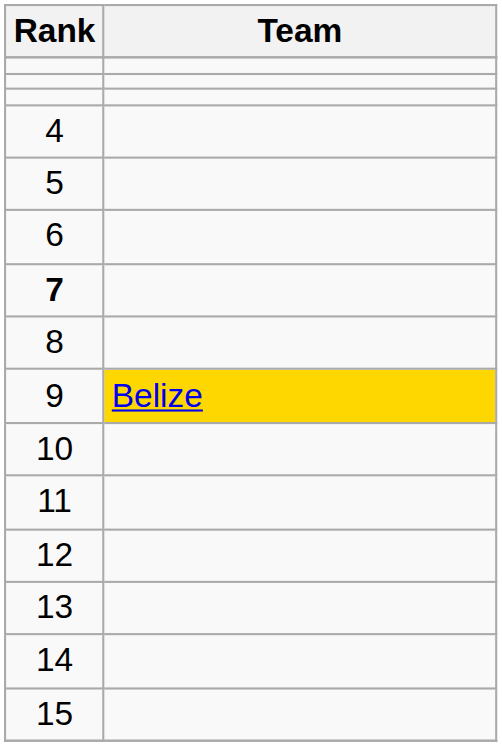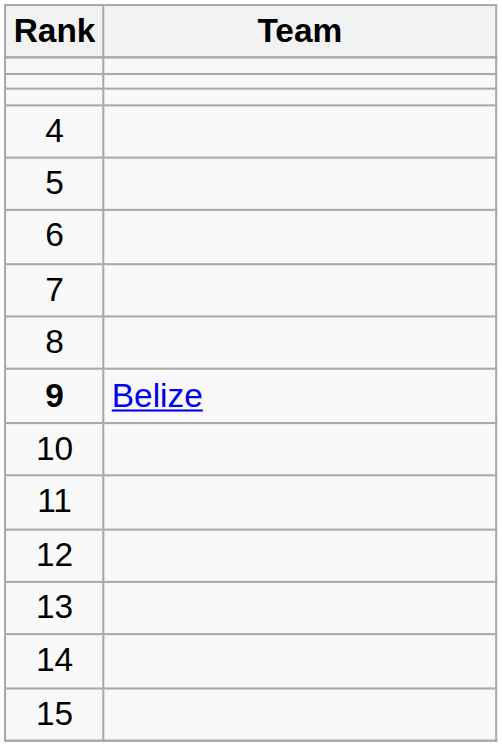 <table class="wikitable" style="text-align:center;">
 <tr>
 <th width=40>Rank</th>
 <th width=180>Team</th>
 </tr>
 <tr>
 </tr>
 <tr>
 <td></td>
 <td style="text-align:left;"></td>
 </tr>
 <tr>
 <td></td>
 <td style="text-align:left;"></td>
 </tr>
 <tr>
 <td></td>
 <td style="text-align:left;"></td>
 </tr>
 <tr>
 <td>4</td>
 <td style="text-align:left;"></td>
 </tr>
 <tr>
 <td>5</td>
 <td style="text-align:left;"></td>
 </tr>
 <tr>
 <td>6</td>
 <td style="text-align:left;"></td>
 </tr>
 <tr>
-<td><strong>7</strong></td>
+<td>7</td>
 <td style="text-align:left;"></td>
 </tr>
 <tr>
 <td>8</td>
 <td style="text-align:left;"></td>
 </tr>
 <tr>
-<td>9</td>
-<td style="background: gold; text-align:left;"> <a href='#'>Belize</a></td>
+<td><strong>9</strong></td>
+<td style="text-align:left;"> <a href='#'>Belize</a></td>
 </tr>
 <tr>
 <td>10</td>
 <td style="text-align:left;"></td>
 </tr>
 <tr>
 <td>11</td>
 <td style="text-align:left;"></td>
 </tr>
 <tr>
 <td>12</td>
 <td style="text-align:left;"></td>
 </tr>
 <tr>
 <td>13</td>
 <td style="text-align:left;"></td>
 </tr>
 <tr>
 <td>14</td>
 <td style="text-align:left;"></td>
 </tr>
 <tr>
 <td>15</td>
 <td style="text-align:left;"></td>
 </tr>
 <tr>
 </tr>
 </table>
